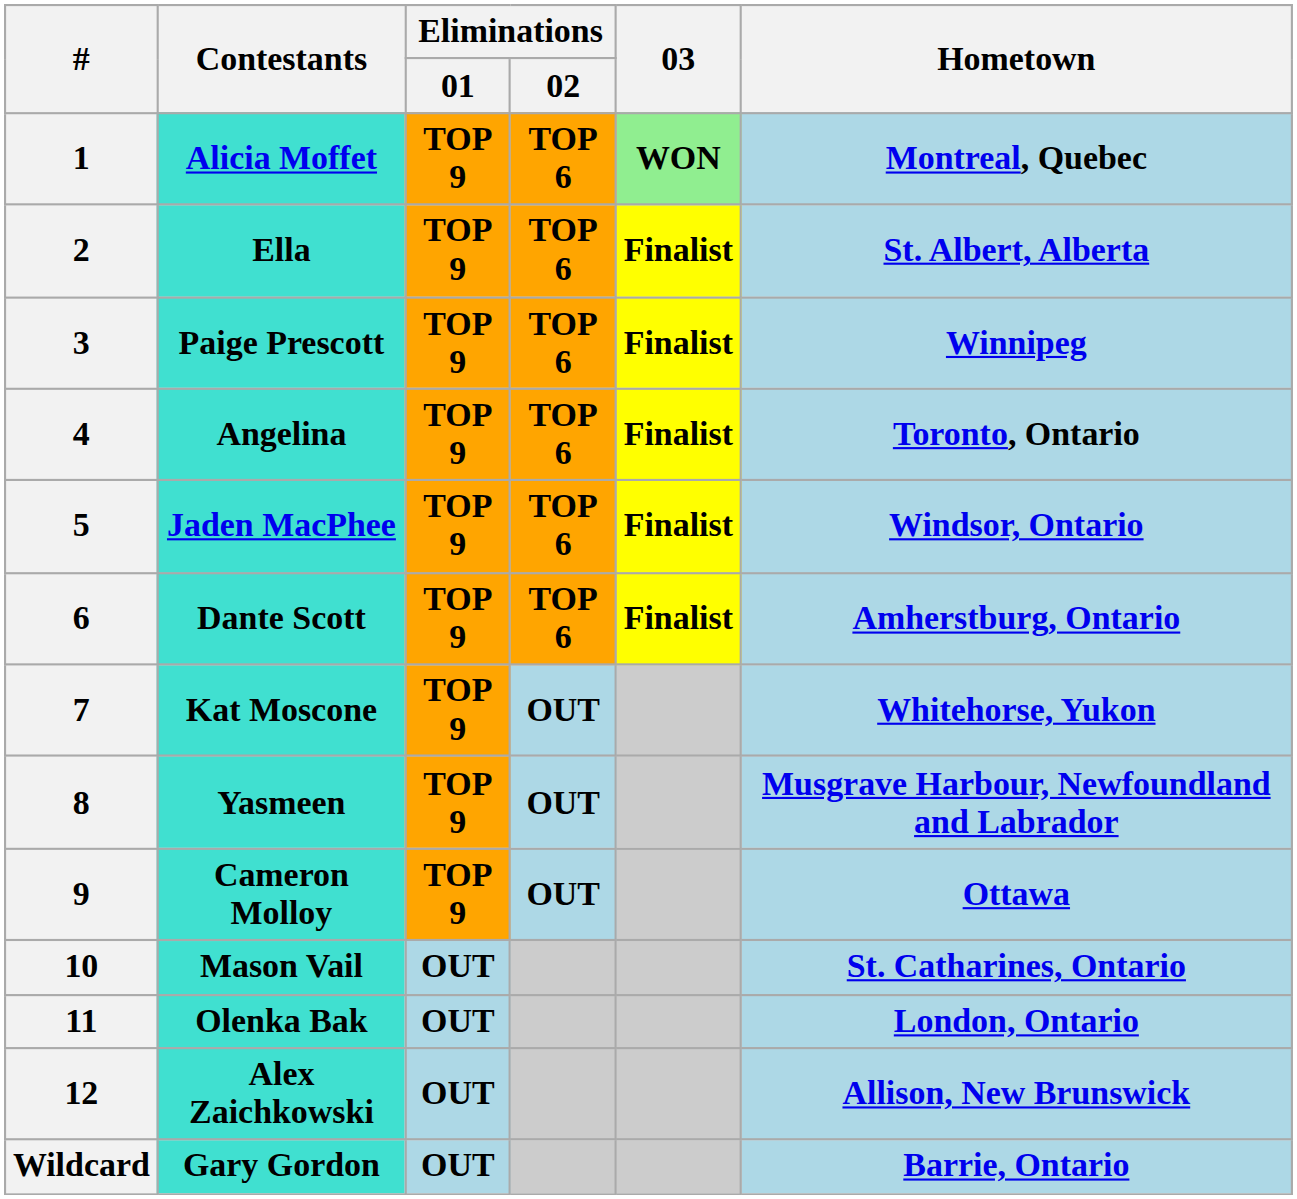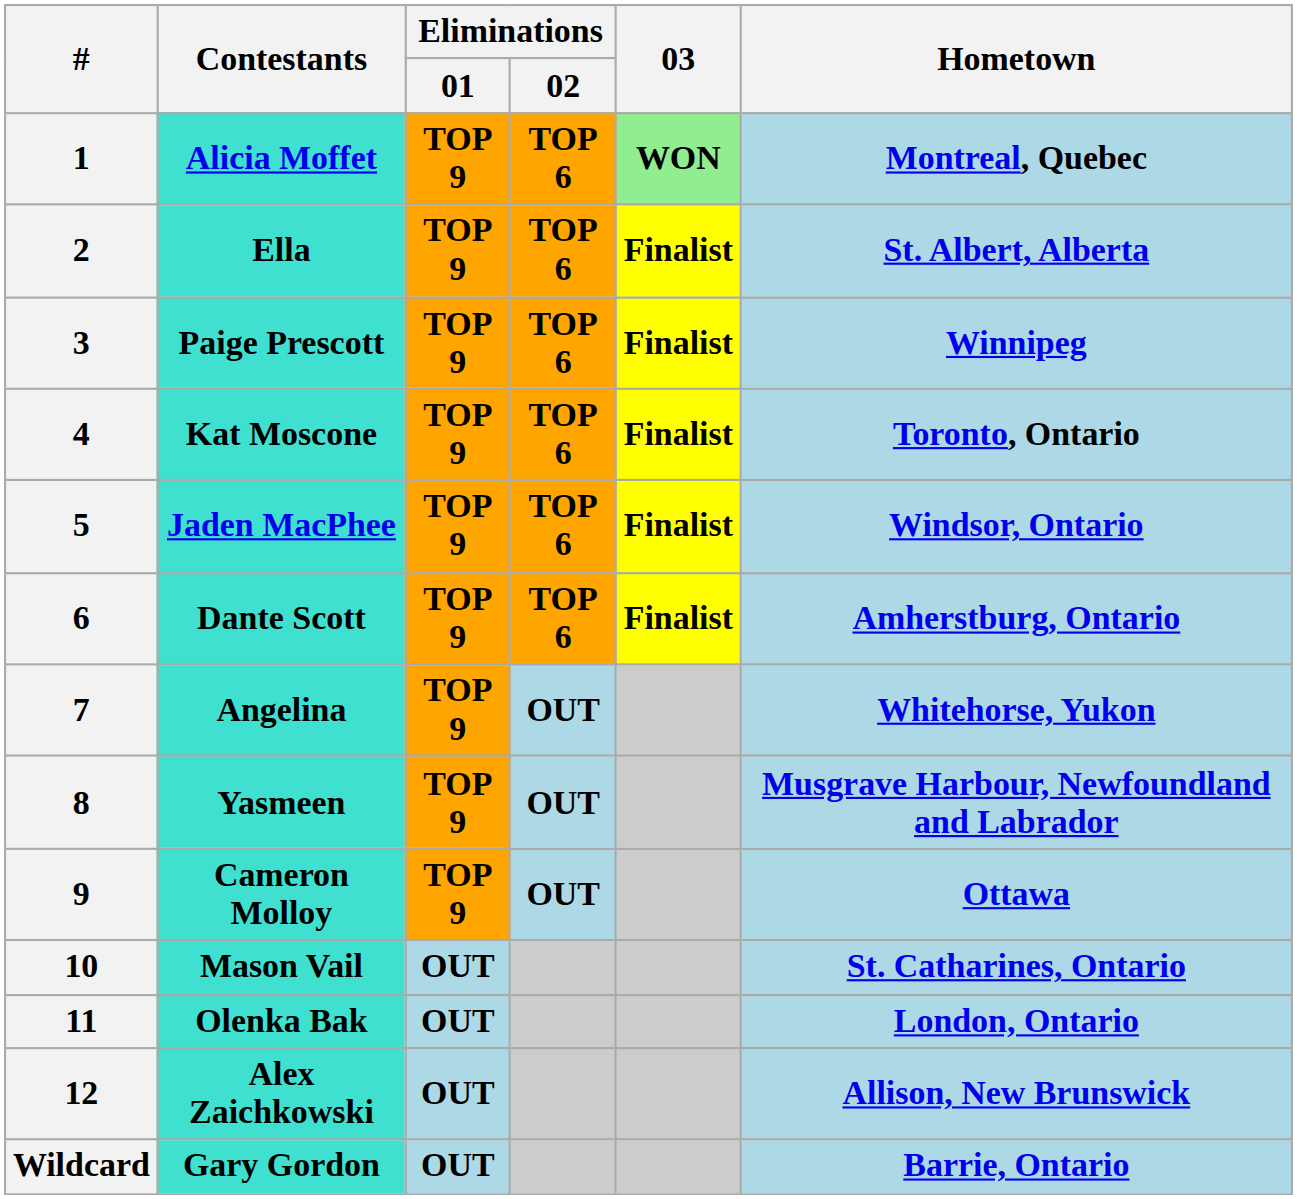 <table class="wikitable" style="text-align:center;">
 <tr>
 <th rowspan=2>#</th>
 <th rowspan=2>Contestants</th>
 <th colspan=2>Eliminations</th>
 <th rowspan=2>03</th>
 <th rowspan=2>Hometown</th>
 </tr>
 <tr>
 <th>01</th>
 <th>02</th>
 </tr>
 <tr>
 <th>1</th>
 <td style="background:Turquoise"><strong><a href='#'>Alicia Moffet</a></strong></td>
 <td style="background:Orange"><strong>TOP 9</strong></td>
 <td style="background:Orange"><strong>TOP 6</strong></td>
 <td style="background:lightgreen"><strong>WON</strong></td>
 <td style="background:lightblue;"><strong><a href='#'>Montreal</a>, Quebec</strong></td>
 </tr>
 <tr>
 <th>2</th>
 <td style="background:Turquoise;"><strong>Ella </strong></td>
 <td style="background:Orange;"><strong>TOP 9</strong></td>
 <td style="background:Orange;"><strong>TOP 6</strong></td>
 <td style="background:yellow;"><strong>Finalist</strong></td>
 <td style="background:lightblue;"><strong><a href='#'>St. Albert, Alberta</a></strong></td>
 </tr>
 <tr>
 <th>3</th>
 <td style="background:Turquoise;"><strong>Paige Prescott</strong></td>
 <td style="background:Orange;"><strong>TOP 9</strong></td>
 <td style="background:Orange;"><strong>TOP 6</strong></td>
 <td style="background:yellow;"><strong>Finalist</strong></td>
 <td style="background:lightblue;"><strong><a href='#'>Winnipeg</a></strong></td>
 </tr>
 <tr>
 <th>4</th>
-<td style="background:Turquoise;"><strong>Angelina</strong></td>
+<td style="background:Turquoise;"><strong>Kat Moscone</strong></td>
 <td style="background:Orange;"><strong>TOP 9</strong></td>
 <td style="background:Orange;"><strong>TOP 6</strong></td>
 <td style="background:yellow;"><strong>Finalist</strong></td>
 <td style="background:lightblue;"><strong><a href='#'>Toronto</a>, Ontario</strong></td>
 </tr>
 <tr>
 <th>5</th>
 <td style="background:Turquoise;"><strong><a href='#'>Jaden MacPhee</a></strong></td>
 <td style="background:Orange;"><strong>TOP 9</strong></td>
 <td style="background:Orange;"><strong>TOP 6</strong></td>
 <td style="background:yellow;"><strong>Finalist</strong></td>
 <td style="background:lightblue;"><strong><a href='#'>Windsor, Ontario</a></strong></td>
 </tr>
 <tr>
 <th>6</th>
 <td style="background:Turquoise;"><strong>Dante Scott</strong></td>
 <td style="background:Orange;"><strong>TOP 9</strong></td>
 <td style="background:Orange;"><strong>TOP 6</strong></td>
 <td style="background:yellow;"><strong>Finalist</strong></td>
 <td style="background:lightblue;"><strong><a href='#'>Amherstburg, Ontario</a></strong></td>
 </tr>
 <tr>
 <th>7</th>
-<td style="background:Turquoise;"><strong>Kat Moscone</strong></td>
+<td style="background:Turquoise;"><strong>Angelina</strong></td>
 <td style="background:Orange;"><strong>TOP 9</strong></td>
 <td style="background:lightblue;"><strong>OUT</strong></td>
 <td style="background:#ccc"></td>
 <td style="background:lightblue;"><strong><a href='#'>Whitehorse, Yukon</a></strong></td>
 </tr>
 <tr>
 <th>8</th>
 <td style="background:Turquoise;"><strong>Yasmeen</strong></td>
 <td style="background:Orange;"><strong>TOP 9</strong></td>
 <td style="background:lightblue"><strong>OUT</strong></td>
 <td style="background:#ccc"></td>
 <td style="background:lightblue;"><strong><a href='#'>Musgrave Harbour, Newfoundland and Labrador</a></strong></td>
 </tr>
 <tr>
 <th>9</th>
 <td style="background:Turquoise;"><strong>Cameron Molloy</strong></td>
 <td style="background:Orange;"><strong>TOP 9</strong></td>
 <td style="background:lightblue"><strong>OUT</strong></td>
 <td style="background:#ccc"></td>
 <td style="background:lightblue;"><strong><a href='#'>Ottawa</a></strong></td>
 </tr>
 <tr>
 <th>10</th>
 <td style="background:Turquoise;"><strong>Mason Vail</strong></td>
 <td style="background:lightblue;"><strong>OUT</strong></td>
 <td style="background:#ccc"></td>
 <td style="background:#ccc"></td>
 <td style="background:lightblue;"><strong><a href='#'>St. Catharines, Ontario</a></strong></td>
 </tr>
 <tr>
 <th>11</th>
 <td style="background:Turquoise;"><strong>Olenka Bak</strong></td>
 <td style="background:lightblue;"><strong>OUT</strong></td>
 <td style="background:#ccc"></td>
 <td style="background:#ccc"></td>
 <td style="background:lightblue;"><strong><a href='#'>London, Ontario</a></strong></td>
 </tr>
 <tr>
 <th>12</th>
 <td style="background:Turquoise;"><strong>Alex Zaichkowski</strong></td>
 <td style="background:lightblue;"><strong>OUT</strong></td>
 <td style="background:#ccc"></td>
 <td style="background:#ccc"></td>
 <td style="background:lightblue;"><strong><a href='#'>Allison, New Brunswick</a></strong></td>
 </tr>
 <tr>
 <th>Wildcard</th>
 <td style="background:Turquoise;"><strong> Gary Gordon</strong></td>
 <td style="background:lightblue;"><strong>OUT</strong></td>
 <td style="background:#ccc"></td>
 <td style="background:#ccc"></td>
 <td style="background:lightblue;"><strong><a href='#'>Barrie, Ontario</a></strong></td>
 </tr>
 </table>
